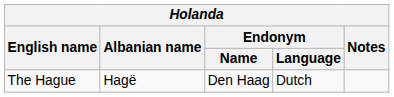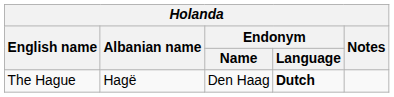 <table class="wikitable sortable">
 <tr>
 <th colspan="5"> <em>Holanda</em></th>
 </tr>
 <tr>
 <th rowspan="2">English name</th>
 <th rowspan="2">Albanian name</th>
 <th colspan="2">Endonym</th>
 <th rowspan="2">Notes</th>
 </tr>
 <tr>
 <th>Name</th>
 <th>Language</th>
 </tr>
 <tr>
 <td>The Hague</td>
 <td>Hagë</td>
 <td>Den Haag</td>
-<td>Dutch</td>
+<td><strong>Dutch</strong></td>
 <td></td>
 </tr>
 </table>
